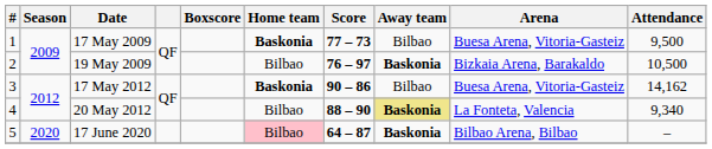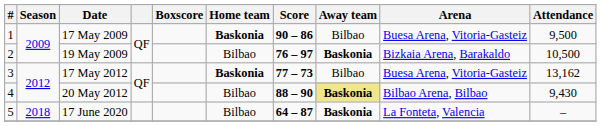 <table class="wikitable" style="text-align: center; width=25%; font-size: 11px">
 <tr>
 <th>#</th>
 <th>Season</th>
 <th>Date</th>
 <th></th>
 <th>Boxscore</th>
 <th>Home team</th>
 <th>Score</th>
 <th>Away team</th>
 <th>Arena</th>
 <th>Attendance</th>
 </tr>
 <tr>
 <td>1</td>
 <td rowspan=2><a href='#'>2009</a></td>
 <td>17 May 2009</td>
 <td rowspan=2>QF</td>
 <td></td>
 <td><strong>Baskonia</strong></td>
-<td><strong>77 – 73</strong></td>
+<td><strong>90 – 86</strong></td>
 <td>Bilbao</td>
 <td align=left><a href='#'>Buesa Arena</a>, <a href='#'>Vitoria-Gasteiz</a></td>
 <td>9,500</td>
 </tr>
 <tr>
 <td>2</td>
 <td>19 May 2009</td>
 <td></td>
 <td>Bilbao</td>
 <td><strong>76 – 97</strong></td>
 <td><strong>Baskonia</strong></td>
 <td align=left><a href='#'>Bizkaia Arena</a>, <a href='#'>Barakaldo</a></td>
 <td>10,500</td>
 </tr>
 <tr>
 <td>3</td>
 <td rowspan=2><a href='#'>2012</a></td>
 <td>17 May 2012</td>
 <td rowspan=2>QF</td>
 <td></td>
 <td><strong>Baskonia</strong></td>
-<td><strong>90 – 86</strong></td>
+<td><strong>77 – 73</strong></td>
 <td>Bilbao</td>
 <td align=left><a href='#'>Buesa Arena</a>, <a href='#'>Vitoria-Gasteiz</a></td>
-<td>14,162</td>
+<td>13,162</td>
 </tr>
 <tr>
 <td>4</td>
 <td>20 May 2012</td>
 <td></td>
 <td>Bilbao</td>
 <td><strong>88 – 90</strong></td>
 <td style="background: khaki;"><strong>Baskonia</strong></td>
-<td align=left><a href='#'>La Fonteta</a>, <a href='#'>Valencia</a></td>
-<td>9,340</td>
+<td align=left><a href='#'>Bilbao Arena</a>, <a href='#'>Bilbao</a></td>
+<td>9,430</td>
 </tr>
 <tr>
 <td>5</td>
-<td><a href='#'>2020</a></td>
+<td><a href='#'>2018</a></td>
 <td>17 June 2020</td>
 <td></td>
 <td></td>
-<td style="background: pink;">Bilbao</td>
+<td>Bilbao</td>
 <td><strong>64 – 87</strong></td>
 <td><strong>Baskonia</strong></td>
-<td align=left><a href='#'>Bilbao Arena</a>, <a href='#'>Bilbao</a></td>
+<td align=left><a href='#'>La Fonteta</a>, <a href='#'>Valencia</a></td>
 <td>–</td>
 </tr>
 <tr>
 </tr>
 </table>
